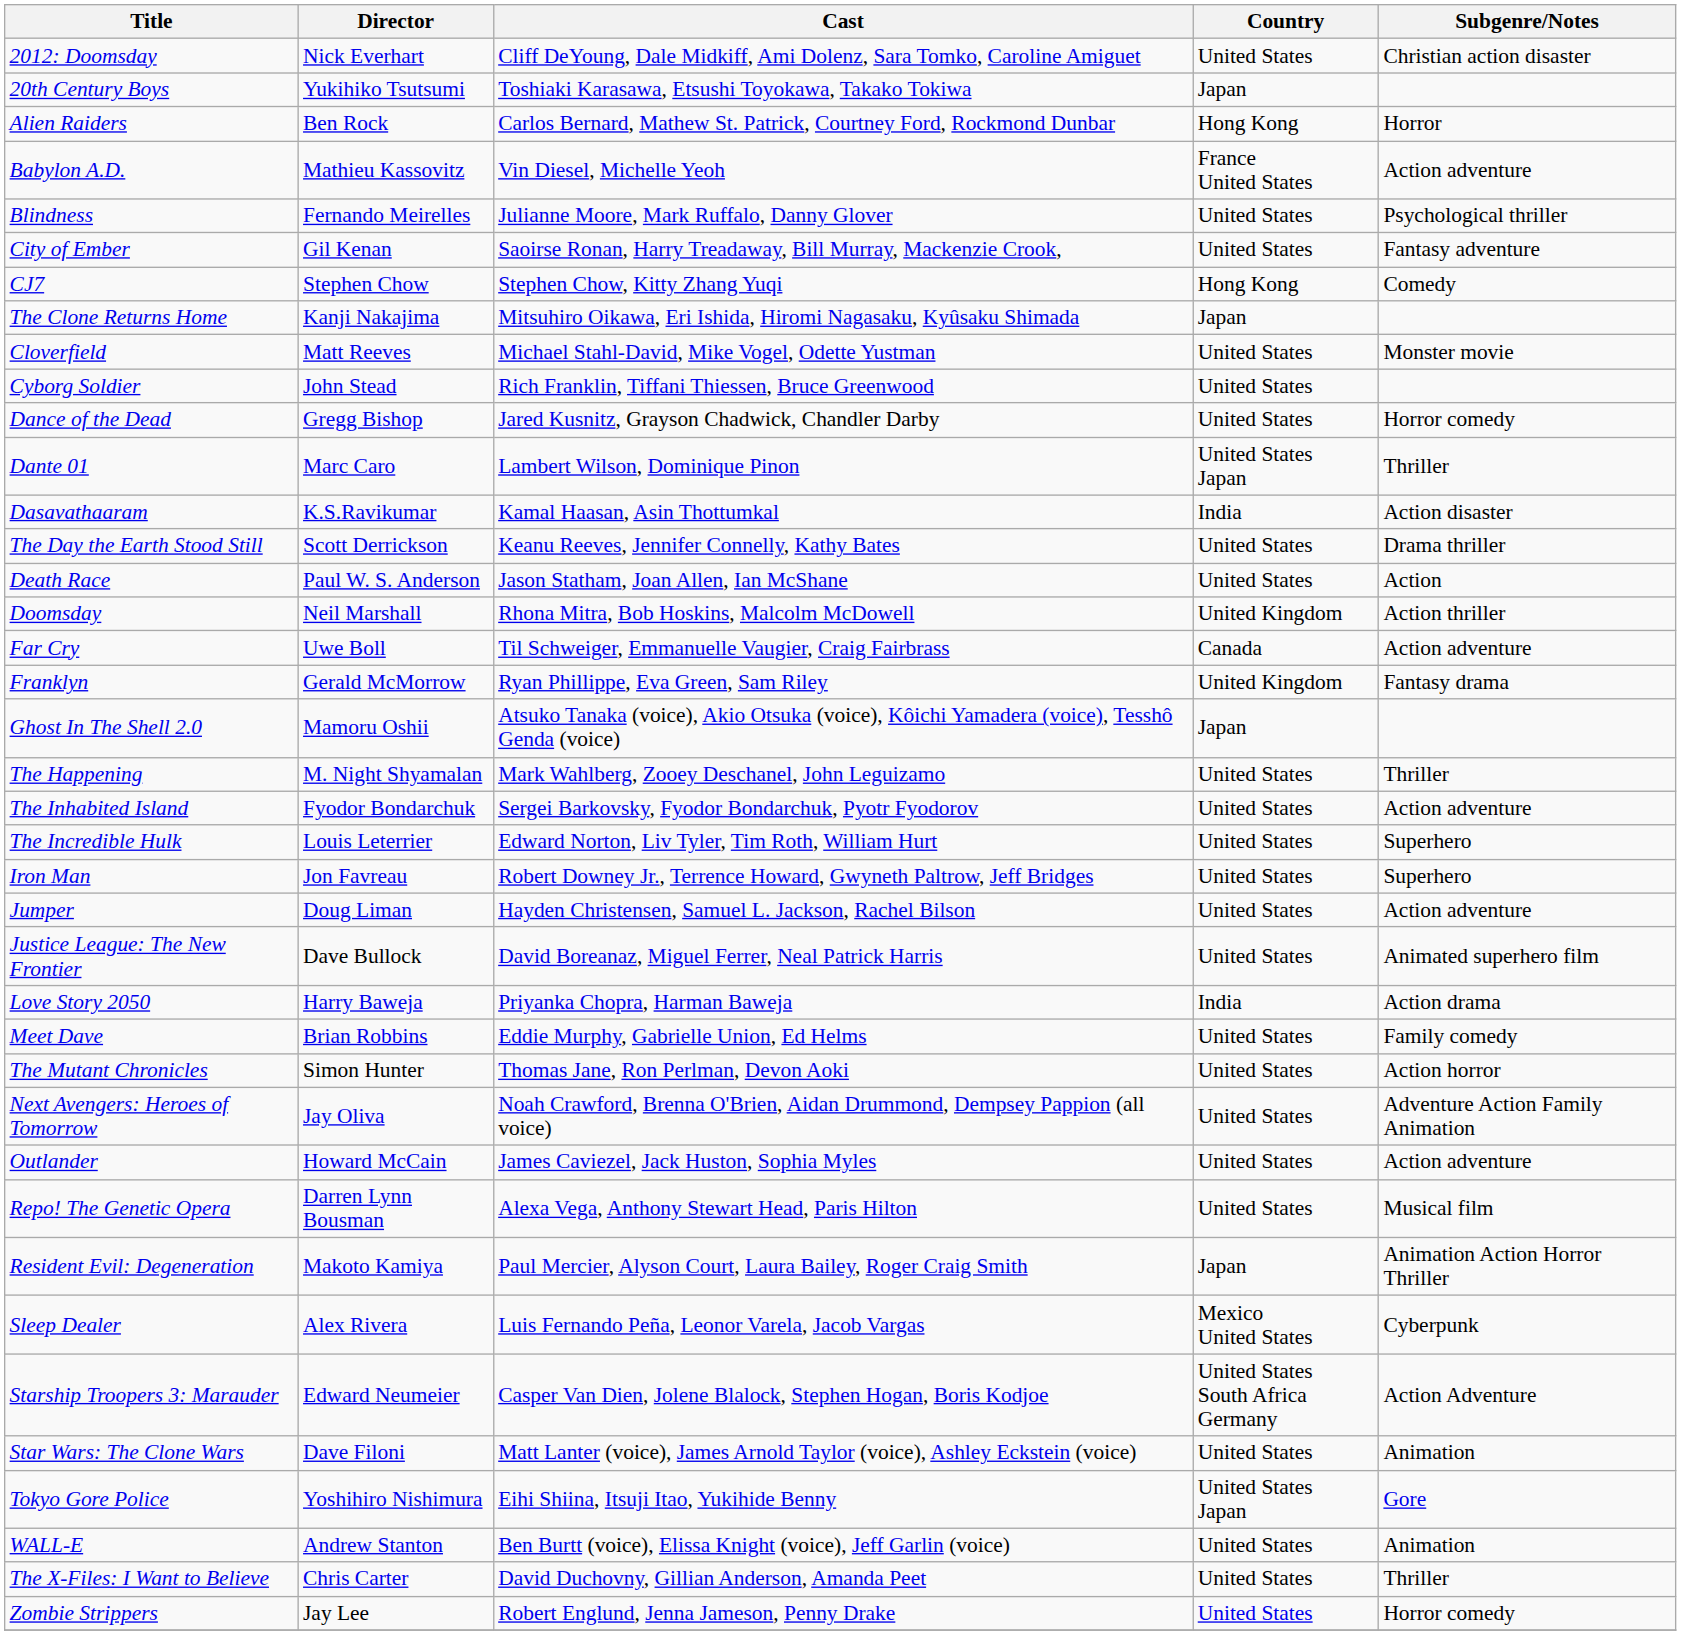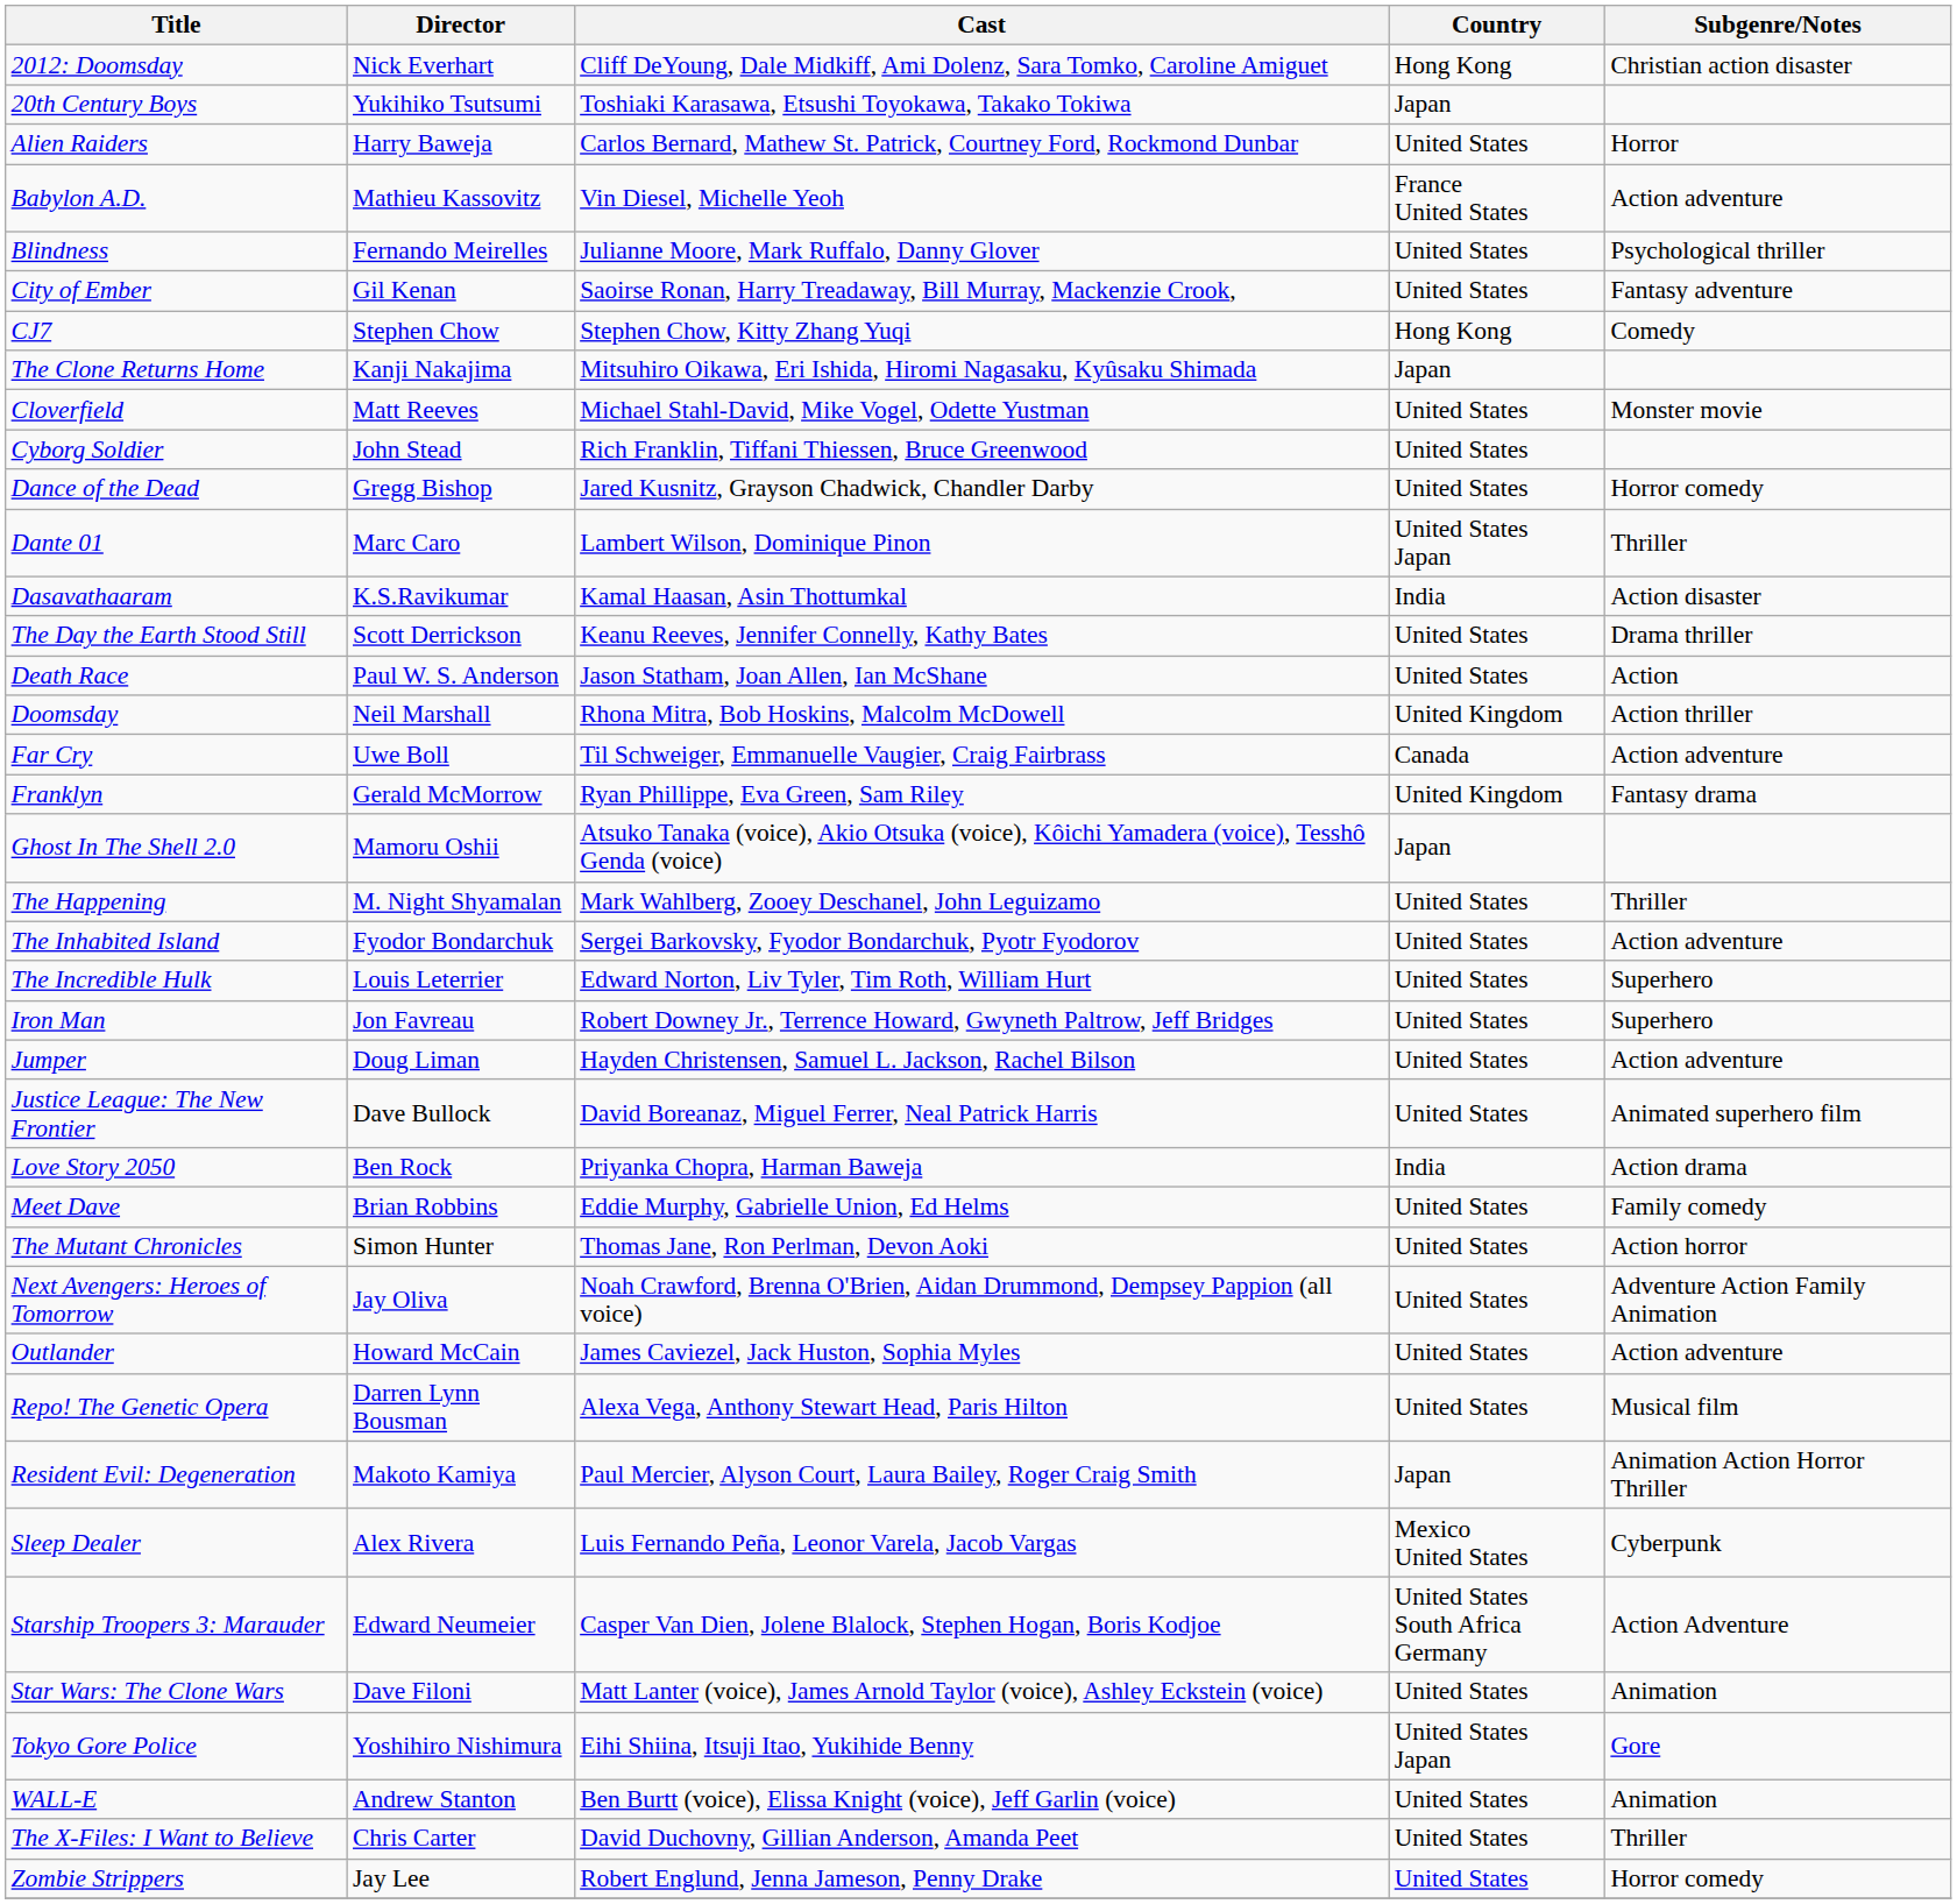 <table class="wikitable sortable">
 <tr>
 <th>Title</th>
 <th>Director</th>
 <th>Cast</th>
 <th>Country</th>
 <th>Subgenre/Notes</th>
 </tr>
 <tr>
 <td><a href='#'><em>2012: Doomsday</em></a></td>
 <td><a href='#'>Nick Everhart</a></td>
 <td><a href='#'>Cliff DeYoung</a>, <a href='#'>Dale Midkiff</a>, <a href='#'>Ami Dolenz</a>, <a href='#'>Sara Tomko</a>, <a href='#'>Caroline Amiguet</a></td>
-<td>United States</td>
+<td>Hong Kong</td>
 <td>Christian action disaster</td>
 </tr>
 <tr>
 <td><em><a href='#'>20th Century Boys</a></em></td>
 <td><a href='#'>Yukihiko Tsutsumi</a></td>
 <td><a href='#'>Toshiaki Karasawa</a>, <a href='#'>Etsushi Toyokawa</a>, <a href='#'>Takako Tokiwa</a></td>
 <td>Japan</td>
 <td></td>
 </tr>
 <tr>
 <td><em><a href='#'>Alien Raiders</a></em></td>
-<td><a href='#'>Ben Rock</a></td>
+<td><a href='#'>Harry Baweja</a></td>
 <td><a href='#'>Carlos Bernard</a>, <a href='#'>Mathew St. Patrick</a>, <a href='#'>Courtney Ford</a>, <a href='#'>Rockmond Dunbar</a></td>
-<td>Hong Kong</td>
+<td>United States</td>
 <td>Horror</td>
 </tr>
 <tr>
 <td><em><a href='#'>Babylon A.D.</a></em></td>
 <td><a href='#'>Mathieu Kassovitz</a></td>
 <td><a href='#'>Vin Diesel</a>, <a href='#'>Michelle Yeoh</a></td>
 <td>France<br>United States</td>
 <td>Action adventure</td>
 </tr>
 <tr>
 <td><em><a href='#'>Blindness</a></em></td>
 <td><a href='#'>Fernando Meirelles</a></td>
 <td><a href='#'>Julianne Moore</a>, <a href='#'>Mark Ruffalo</a>, <a href='#'>Danny Glover</a></td>
 <td>United States</td>
 <td>Psychological thriller</td>
 </tr>
 <tr>
 <td><em><a href='#'>City of Ember</a></em></td>
 <td><a href='#'>Gil Kenan</a></td>
 <td><a href='#'>Saoirse Ronan</a>, <a href='#'>Harry Treadaway</a>, <a href='#'>Bill Murray</a>, <a href='#'>Mackenzie Crook</a>,</td>
 <td>United States</td>
 <td>Fantasy adventure</td>
 </tr>
 <tr>
 <td><em><a href='#'>CJ7</a></em></td>
 <td><a href='#'>Stephen Chow</a></td>
 <td><a href='#'>Stephen Chow</a>, <a href='#'>Kitty Zhang Yuqi</a></td>
 <td>Hong Kong</td>
 <td>Comedy</td>
 </tr>
 <tr>
 <td><em><a href='#'>The Clone Returns Home</a></em></td>
 <td><a href='#'>Kanji Nakajima</a></td>
 <td><a href='#'>Mitsuhiro Oikawa</a>, <a href='#'>Eri Ishida</a>, <a href='#'>Hiromi Nagasaku</a>, <a href='#'>Kyûsaku Shimada</a></td>
 <td>Japan</td>
 <td></td>
 </tr>
 <tr>
 <td><em><a href='#'>Cloverfield</a></em></td>
 <td><a href='#'>Matt Reeves</a></td>
 <td><a href='#'>Michael Stahl-David</a>, <a href='#'>Mike Vogel</a>, <a href='#'>Odette Yustman</a></td>
 <td>United States</td>
 <td>Monster movie</td>
 </tr>
 <tr>
 <td><em><a href='#'>Cyborg Soldier</a></em></td>
 <td><a href='#'>John Stead</a></td>
 <td><a href='#'>Rich Franklin</a>, <a href='#'>Tiffani Thiessen</a>, <a href='#'>Bruce Greenwood</a></td>
 <td>United States</td>
 <td></td>
 </tr>
 <tr>
 <td><em><a href='#'>Dance of the Dead</a></em></td>
 <td><a href='#'>Gregg Bishop</a></td>
 <td><a href='#'>Jared Kusnitz</a>, Grayson Chadwick, Chandler Darby</td>
 <td>United States</td>
 <td>Horror comedy</td>
 </tr>
 <tr>
 <td><em><a href='#'>Dante 01</a></em></td>
 <td><a href='#'>Marc Caro</a></td>
 <td><a href='#'>Lambert Wilson</a>, <a href='#'>Dominique Pinon</a></td>
 <td>United States<br>Japan</td>
 <td>Thriller</td>
 </tr>
 <tr>
 <td><em><a href='#'>Dasavathaaram</a></em></td>
 <td><a href='#'>K.S.Ravikumar</a></td>
 <td><a href='#'>Kamal Haasan</a>, <a href='#'>Asin Thottumkal</a></td>
 <td>India</td>
 <td>Action disaster</td>
 </tr>
 <tr>
 <td><em><a href='#'>The Day the Earth Stood Still</a></em></td>
 <td><a href='#'>Scott Derrickson</a></td>
 <td><a href='#'>Keanu Reeves</a>, <a href='#'>Jennifer Connelly</a>, <a href='#'>Kathy Bates</a></td>
 <td>United States</td>
 <td>Drama thriller</td>
 </tr>
 <tr>
 <td><em><a href='#'>Death Race</a></em></td>
 <td><a href='#'>Paul W. S. Anderson</a></td>
 <td><a href='#'>Jason Statham</a>, <a href='#'>Joan Allen</a>, <a href='#'>Ian McShane</a></td>
 <td>United States</td>
 <td>Action</td>
 </tr>
 <tr>
 <td><em><a href='#'>Doomsday</a></em></td>
 <td><a href='#'>Neil Marshall</a></td>
 <td><a href='#'>Rhona Mitra</a>, <a href='#'>Bob Hoskins</a>, <a href='#'>Malcolm McDowell</a></td>
 <td>United Kingdom</td>
 <td>Action thriller</td>
 </tr>
 <tr>
 <td><em><a href='#'>Far Cry</a></em></td>
 <td><a href='#'>Uwe Boll</a></td>
 <td><a href='#'>Til Schweiger</a>, <a href='#'>Emmanuelle Vaugier</a>, <a href='#'>Craig Fairbrass</a></td>
 <td>Canada</td>
 <td>Action adventure</td>
 </tr>
 <tr>
 <td><em><a href='#'>Franklyn</a></em></td>
 <td><a href='#'>Gerald McMorrow</a></td>
 <td><a href='#'>Ryan Phillippe</a>, <a href='#'>Eva Green</a>, <a href='#'>Sam Riley</a></td>
 <td>United Kingdom</td>
 <td>Fantasy drama</td>
 </tr>
 <tr>
 <td><a href='#'><em>Ghost In The Shell 2.0</em></a></td>
 <td><a href='#'>Mamoru Oshii</a></td>
 <td><a href='#'>Atsuko Tanaka</a> (voice), <a href='#'>Akio Otsuka</a> (voice), <a href='#'>Kôichi Yamadera (voice)</a>, <a href='#'>Tesshô Genda</a> (voice)</td>
 <td>Japan</td>
 <td></td>
 </tr>
 <tr>
 <td><em><a href='#'>The Happening</a></em></td>
 <td><a href='#'>M. Night Shyamalan</a></td>
 <td><a href='#'>Mark Wahlberg</a>, <a href='#'>Zooey Deschanel</a>, <a href='#'>John Leguizamo</a></td>
 <td>United States</td>
 <td>Thriller</td>
 </tr>
 <tr>
 <td><em><a href='#'>The Inhabited Island</a></em></td>
 <td><a href='#'>Fyodor Bondarchuk</a></td>
 <td><a href='#'>Sergei Barkovsky</a>, <a href='#'>Fyodor Bondarchuk</a>, <a href='#'>Pyotr Fyodorov</a></td>
 <td>United States</td>
 <td>Action adventure</td>
 </tr>
 <tr>
 <td><em><a href='#'>The Incredible Hulk</a></em></td>
 <td><a href='#'>Louis Leterrier</a></td>
 <td><a href='#'>Edward Norton</a>, <a href='#'>Liv Tyler</a>, <a href='#'>Tim Roth</a>, <a href='#'>William Hurt</a></td>
 <td>United States</td>
 <td>Superhero</td>
 </tr>
 <tr>
 <td><em><a href='#'>Iron Man</a></em></td>
 <td><a href='#'>Jon Favreau</a></td>
 <td><a href='#'>Robert Downey Jr.</a>, <a href='#'>Terrence Howard</a>, <a href='#'>Gwyneth Paltrow</a>, <a href='#'>Jeff Bridges</a></td>
 <td>United States</td>
 <td>Superhero</td>
 </tr>
 <tr>
 <td><em><a href='#'>Jumper</a></em></td>
 <td><a href='#'>Doug Liman</a></td>
 <td><a href='#'>Hayden Christensen</a>, <a href='#'>Samuel L. Jackson</a>, <a href='#'>Rachel Bilson</a></td>
 <td>United States</td>
 <td>Action adventure</td>
 </tr>
 <tr>
 <td><em><a href='#'>Justice League: The New Frontier</a></em></td>
 <td>Dave Bullock</td>
 <td><a href='#'>David Boreanaz</a>, <a href='#'>Miguel Ferrer</a>, <a href='#'>Neal Patrick Harris</a></td>
 <td>United States</td>
 <td>Animated superhero film</td>
 </tr>
 <tr>
 <td><em><a href='#'>Love Story 2050</a></em></td>
-<td><a href='#'>Harry Baweja</a></td>
+<td><a href='#'>Ben Rock</a></td>
 <td><a href='#'>Priyanka Chopra</a>, <a href='#'>Harman Baweja</a></td>
 <td>India</td>
 <td>Action drama</td>
 </tr>
 <tr>
 <td><em><a href='#'>Meet Dave</a></em></td>
 <td><a href='#'>Brian Robbins</a></td>
 <td><a href='#'>Eddie Murphy</a>, <a href='#'>Gabrielle Union</a>, <a href='#'>Ed Helms</a></td>
 <td>United States</td>
 <td>Family comedy</td>
 </tr>
 <tr>
 <td><em><a href='#'>The Mutant Chronicles</a></em></td>
 <td>Simon Hunter</td>
 <td><a href='#'>Thomas Jane</a>, <a href='#'>Ron Perlman</a>, <a href='#'>Devon Aoki</a></td>
 <td>United States</td>
 <td>Action horror</td>
 </tr>
 <tr>
 <td><em><a href='#'>Next Avengers: Heroes of Tomorrow</a></em></td>
 <td><a href='#'>Jay Oliva</a></td>
 <td><a href='#'>Noah Crawford</a>, <a href='#'>Brenna O'Brien</a>, <a href='#'>Aidan Drummond</a>, <a href='#'>Dempsey Pappion</a> (all voice)</td>
 <td>United States</td>
 <td>Adventure Action Family Animation </td>
 </tr>
 <tr>
 <td><em><a href='#'>Outlander</a></em></td>
 <td><a href='#'>Howard McCain</a></td>
 <td><a href='#'>James Caviezel</a>, <a href='#'>Jack Huston</a>, <a href='#'>Sophia Myles</a></td>
 <td>United States</td>
 <td>Action adventure</td>
 </tr>
 <tr>
 <td><em><a href='#'>Repo! The Genetic Opera</a></em></td>
 <td><a href='#'>Darren Lynn Bousman</a></td>
 <td><a href='#'>Alexa Vega</a>, <a href='#'>Anthony Stewart Head</a>, <a href='#'>Paris Hilton</a></td>
 <td>United States</td>
 <td>Musical film</td>
 </tr>
 <tr>
 <td><em><a href='#'>Resident Evil: Degeneration</a></em></td>
 <td><a href='#'>Makoto Kamiya</a></td>
 <td><a href='#'>Paul Mercier</a>, <a href='#'>Alyson Court</a>, <a href='#'>Laura Bailey</a>, <a href='#'>Roger Craig Smith</a></td>
 <td>Japan</td>
 <td>Animation Action Horror Thriller</td>
 </tr>
 <tr>
 <td><em><a href='#'>Sleep Dealer</a></em></td>
 <td><a href='#'>Alex Rivera</a></td>
 <td><a href='#'>Luis Fernando Peña</a>, <a href='#'>Leonor Varela</a>, <a href='#'>Jacob Vargas</a></td>
 <td>Mexico<br>United States</td>
 <td>Cyberpunk</td>
 </tr>
 <tr>
 <td><em><a href='#'>Starship Troopers 3: Marauder</a></em></td>
 <td><a href='#'>Edward Neumeier</a></td>
 <td><a href='#'>Casper Van Dien</a>, <a href='#'>Jolene Blalock</a>, <a href='#'>Stephen Hogan</a>, <a href='#'>Boris Kodjoe</a></td>
 <td>United States<br>South Africa Germany</td>
 <td>Action Adventure</td>
 </tr>
 <tr>
 <td><em><a href='#'>Star Wars: The Clone Wars</a></em></td>
 <td><a href='#'>Dave Filoni</a></td>
 <td><a href='#'>Matt Lanter</a> (voice), <a href='#'>James Arnold Taylor</a> (voice), <a href='#'>Ashley Eckstein</a> (voice)</td>
 <td>United States</td>
 <td>Animation</td>
 </tr>
 <tr>
 <td><em><a href='#'>Tokyo Gore Police</a></em></td>
 <td><a href='#'>Yoshihiro Nishimura</a></td>
 <td><a href='#'>Eihi Shiina</a>, <a href='#'>Itsuji Itao</a>, <a href='#'>Yukihide Benny</a></td>
 <td>United States<br>Japan</td>
 <td><a href='#'>Gore</a></td>
 </tr>
 <tr>
 <td><em><a href='#'>WALL-E</a></em></td>
 <td><a href='#'>Andrew Stanton</a></td>
 <td><a href='#'>Ben Burtt</a> (voice), <a href='#'>Elissa Knight</a> (voice), <a href='#'>Jeff Garlin</a> (voice)</td>
 <td>United States</td>
 <td>Animation</td>
 </tr>
 <tr>
 <td><em><a href='#'>The X-Files: I Want to Believe</a></em></td>
 <td><a href='#'>Chris Carter</a></td>
 <td><a href='#'>David Duchovny</a>, <a href='#'>Gillian Anderson</a>, <a href='#'>Amanda Peet</a></td>
 <td>United States</td>
 <td>Thriller</td>
 </tr>
 <tr>
 <td><em><a href='#'>Zombie Strippers</a></em></td>
 <td>Jay Lee</td>
 <td><a href='#'>Robert Englund</a>, <a href='#'>Jenna Jameson</a>, <a href='#'>Penny Drake</a></td>
 <td><a href='#'>United States</a></td>
 <td>Horror comedy</td>
 </tr>
 <tr>
 </tr>
 </table>
